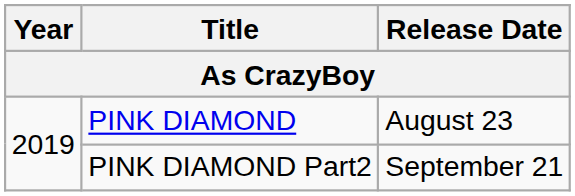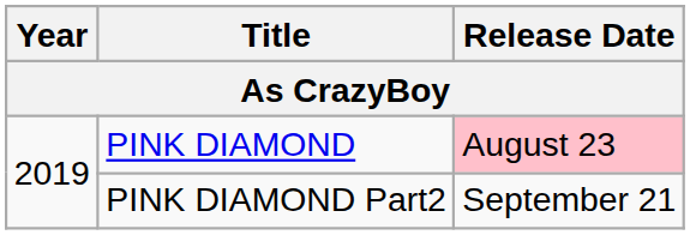 <table class="wikitable" style="font-size:small">
 <tr>
 <th>Year</th>
 <th>Title</th>
 <th>Release Date</th>
 </tr>
 <tr>
 <th colspan="3">As CrazyBoy</th>
 </tr>
 <tr>
 <td rowspan="2">2019</td>
 <td><a href='#'>PINK DIAMOND</a></td>
-<td>August 23</td>
+<td style="background: pink;">August 23</td>
 </tr>
 <tr>
 <td>PINK DIAMOND Part2</td>
 <td>September 21</td>
 </tr>
 </table>
